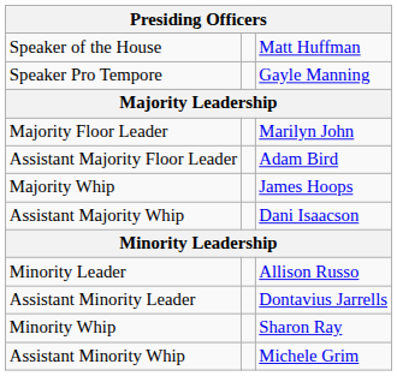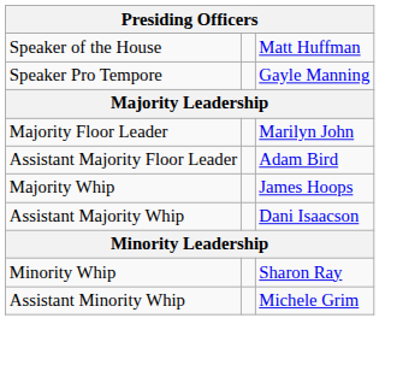 <table class="wikitable">
 <tr>
 <th colspan="3" style="text-align:center; font-weight:bold; ">Presiding Officers</th>
 </tr>
 <tr>
 <td>Speaker of the House</td>
 <td style="width:5px; background:"></td>
 <td><a href='#'>Matt Huffman</a></td>
 </tr>
 <tr>
 <td>Speaker Pro Tempore</td>
 <td style="width:5px; background:"></td>
 <td><a href='#'>Gayle Manning</a></td>
 </tr>
 <tr>
 <th colspan="3" style="text-align:center; font-weight:bold; ">Majority Leadership</th>
 </tr>
 <tr>
 <td>Majority Floor Leader</td>
 <td style="width:5px; background:"></td>
 <td><a href='#'>Marilyn John</a></td>
 </tr>
 <tr>
 <td>Assistant Majority Floor Leader</td>
 <td style="width:5px; background:"></td>
 <td><a href='#'>Adam Bird</a></td>
 </tr>
 <tr>
 <td>Majority Whip</td>
 <td style="width:5px; background:"></td>
 <td><a href='#'>James Hoops</a></td>
 </tr>
 <tr>
 <td>Assistant Majority Whip</td>
 <td style="width:5px; background:"></td>
 <td><a href='#'>Dani Isaacson</a></td>
 </tr>
 <tr>
 <th colspan="3" style="text-align:center; font-weight:bold; ">Minority Leadership</th>
 </tr>
 <tr>
-<td>Minority Leader</td>
-<td style="width:5px; background:"></td>
-<td><a href='#'>Allison Russo</a></td>
-</tr>
-<tr>
-<td>Assistant Minority Leader</td>
-<td style="width:5px; background:"></td>
-<td><a href='#'>Dontavius Jarrells</a></td>
-</tr>
-<tr>
 <td>Minority Whip</td>
 <td style="width:5px; background:"></td>
 <td><a href='#'>Sharon Ray</a></td>
 </tr>
 <tr>
 <td>Assistant Minority Whip</td>
 <td style="width:5px; background:"></td>
 <td><a href='#'>Michele Grim</a></td>
 </tr>
 </table>
